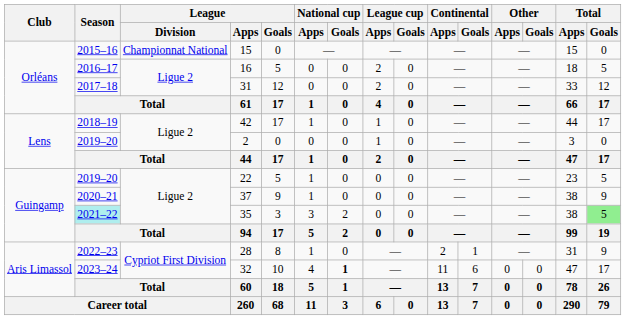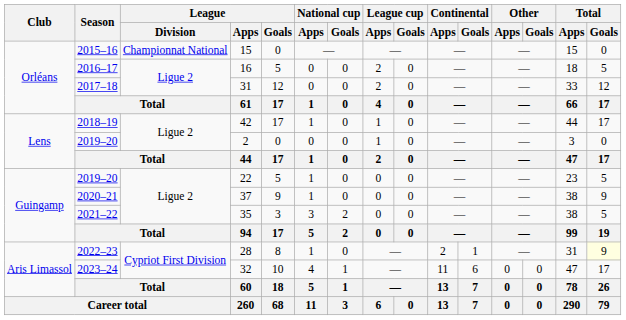 <table class="wikitable" style="text-align: center">
 <tr>
 <th rowspan="2">Club</th>
 <th rowspan="2">Season</th>
 <th colspan="3">League</th>
 <th colspan="2">National cup</th>
 <th colspan="2">League cup</th>
 <th colspan="2">Continental</th>
 <th colspan="2">Other</th>
 <th colspan="2">Total</th>
 </tr>
 <tr>
 <th>Division</th>
 <th>Apps</th>
 <th>Goals</th>
 <th>Apps</th>
 <th>Goals</th>
 <th>Apps</th>
 <th>Goals</th>
 <th>Apps</th>
 <th>Goals</th>
 <th>Apps</th>
 <th>Goals</th>
 <th>Apps</th>
 <th>Goals</th>
 </tr>
 <tr>
 <td rowspan="4"><a href='#'>Orléans</a></td>
 <td><a href='#'>2015–16</a></td>
 <td><a href='#'>Championnat National</a></td>
 <td>15</td>
 <td>0</td>
 <td colspan="2">—</td>
 <td colspan="2">—</td>
 <td colspan="2">—</td>
 <td colspan="2">—</td>
 <td>15</td>
 <td>0</td>
 </tr>
 <tr>
 <td><a href='#'>2016–17</a></td>
 <td rowspan="2"><a href='#'>Ligue 2</a></td>
 <td>16</td>
 <td>5</td>
 <td>0</td>
 <td>0</td>
 <td>2</td>
 <td>0</td>
 <td colspan="2">—</td>
 <td colspan="2">—</td>
 <td>18</td>
 <td>5</td>
 </tr>
 <tr>
 <td><a href='#'>2017–18</a></td>
 <td>31</td>
 <td>12</td>
 <td>0</td>
 <td>0</td>
 <td>2</td>
 <td>0</td>
 <td colspan="2">—</td>
 <td colspan="2">—</td>
 <td>33</td>
 <td>12</td>
 </tr>
 <tr>
 <th colspan="2">Total</th>
 <th>61</th>
 <th>17</th>
 <th>1</th>
 <th>0</th>
 <th>4</th>
 <th>0</th>
 <th colspan="2">—</th>
 <th colspan="2">—</th>
 <th>66</th>
 <th>17</th>
 </tr>
 <tr>
 <td rowspan="3"><a href='#'>Lens</a></td>
 <td><a href='#'>2018–19</a></td>
 <td rowspan="2">Ligue 2</td>
 <td>42</td>
 <td>17</td>
 <td>1</td>
 <td>0</td>
 <td>1</td>
 <td>0</td>
 <td colspan="2">—</td>
 <td colspan="2">—</td>
 <td>44</td>
 <td>17</td>
 </tr>
 <tr>
 <td><a href='#'>2019–20</a></td>
 <td>2</td>
 <td>0</td>
 <td>0</td>
 <td>0</td>
 <td>1</td>
 <td>0</td>
 <td colspan="2">—</td>
 <td colspan="2">—</td>
 <td>3</td>
 <td>0</td>
 </tr>
 <tr>
 <th colspan="2">Total</th>
 <th>44</th>
 <th>17</th>
 <th>1</th>
 <th>0</th>
 <th>2</th>
 <th>0</th>
 <th colspan="2">—</th>
 <th colspan="2">—</th>
 <th>47</th>
 <th>17</th>
 </tr>
 <tr>
 <td rowspan="4"><a href='#'>Guingamp</a></td>
 <td><a href='#'>2019–20</a></td>
 <td rowspan="3">Ligue 2</td>
 <td>22</td>
 <td>5</td>
 <td>1</td>
 <td>0</td>
 <td>0</td>
 <td>0</td>
 <td colspan="2">—</td>
 <td colspan="2">—</td>
 <td>23</td>
 <td>5</td>
 </tr>
 <tr>
 <td><a href='#'>2020–21</a></td>
 <td>37</td>
 <td>9</td>
 <td>1</td>
 <td>0</td>
 <td>0</td>
 <td>0</td>
 <td colspan="2">—</td>
 <td colspan="2">—</td>
 <td>38</td>
 <td>9</td>
 </tr>
 <tr>
-<td style="background: paleturquoise;"><a href='#'>2021–22</a></td>
+<td><a href='#'>2021–22</a></td>
 <td>35</td>
 <td>3</td>
 <td>3</td>
 <td>2</td>
 <td>0</td>
 <td>0</td>
 <td colspan="2">—</td>
 <td colspan="2">—</td>
 <td>38</td>
-<td style="background: lightgreen;">5</td>
+<td>5</td>
 </tr>
 <tr>
 <th colspan="2">Total</th>
 <th>94</th>
 <th>17</th>
 <th>5</th>
 <th>2</th>
 <th>0</th>
 <th>0</th>
 <th colspan="2">—</th>
 <th colspan="2">—</th>
 <th>99</th>
 <th>19</th>
 </tr>
 <tr>
 <td rowspan="3"><a href='#'>Aris Limassol</a></td>
 <td><a href='#'>2022–23</a></td>
 <td rowspan="2"><a href='#'>Cypriot First Division</a></td>
 <td>28</td>
 <td>8</td>
 <td>1</td>
 <td>0</td>
 <td colspan="2">—</td>
 <td>2</td>
 <td>1</td>
 <td colspan="2">—</td>
 <td>31</td>
-<td>9</td>
+<td style="background: lightyellow;">9</td>
 </tr>
 <tr>
 <td><a href='#'>2023–24</a></td>
 <td>32</td>
 <td>10</td>
 <td>4</td>
-<td><strong>1</strong></td>
+<td>1</td>
 <td colspan="2">—</td>
 <td>11</td>
 <td>6</td>
 <td>0</td>
 <td>0</td>
 <td>47</td>
 <td>17</td>
 </tr>
 <tr>
 <th colspan="2">Total</th>
 <th>60</th>
 <th>18</th>
 <th>5</th>
 <th>1</th>
 <th colspan="2">—</th>
 <th>13</th>
 <th>7</th>
 <th>0</th>
 <th>0</th>
 <th>78</th>
 <th>26</th>
 </tr>
 <tr>
 <th colspan="3">Career total</th>
 <th>260</th>
 <th>68</th>
 <th>11</th>
 <th>3</th>
 <th>6</th>
 <th>0</th>
 <th>13</th>
 <th>7</th>
 <th>0</th>
 <th>0</th>
 <th>290</th>
 <th>79</th>
 </tr>
 </table>
